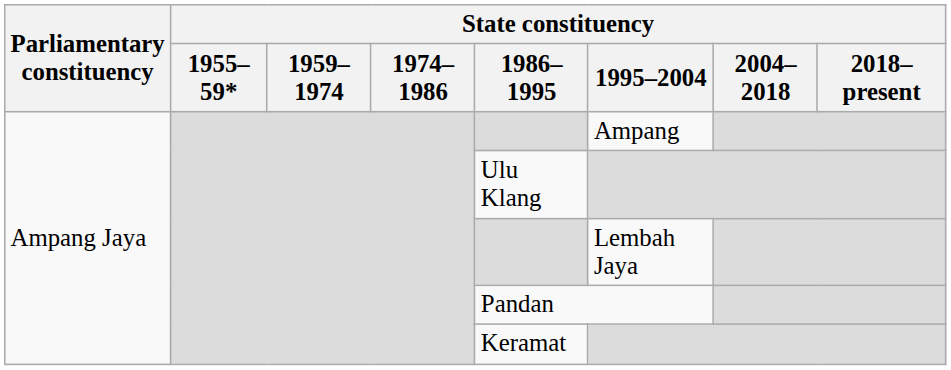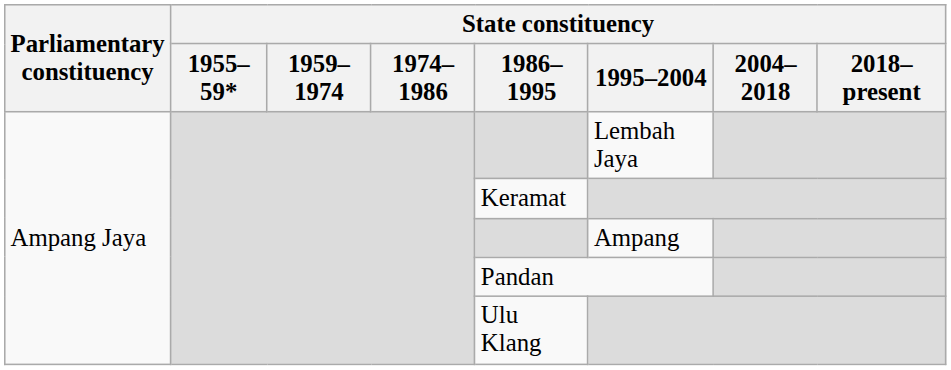 <table class="wikitable">
 <tr>
 <th rowspan="2">Parliamentary<br>constituency</th>
 <th colspan="7">State constituency</th>
 </tr>
 <tr>
 <th>1955–59*</th>
 <th>1959–1974</th>
 <th>1974–1986</th>
 <th>1986–1995</th>
 <th>1995–2004</th>
 <th>2004–2018</th>
 <th>2018–present</th>
 </tr>
 <tr>
 <td rowspan="5">Ampang Jaya</td>
 <td colspan="3" rowspan="5" bgcolor="dcdcdc"></td>
 <td bgcolor="dcdcdc"></td>
-<td>Ampang</td>
+<td>Lembah Jaya</td>
 <td colspan="2" bgcolor="dcdcdc"></td>
 </tr>
 <tr>
-<td>Ulu Klang</td>
+<td>Keramat</td>
 <td colspan="3" bgcolor="dcdcdc"></td>
 </tr>
 <tr>
 <td bgcolor="dcdcdc"></td>
-<td>Lembah Jaya</td>
+<td>Ampang</td>
 <td colspan="2" bgcolor="dcdcdc"></td>
 </tr>
 <tr>
 <td colspan="2">Pandan</td>
 <td colspan="2" bgcolor="dcdcdc"></td>
 </tr>
 <tr>
-<td>Keramat</td>
+<td>Ulu Klang</td>
 <td colspan="3" bgcolor="dcdcdc"></td>
 </tr>
 </table>
